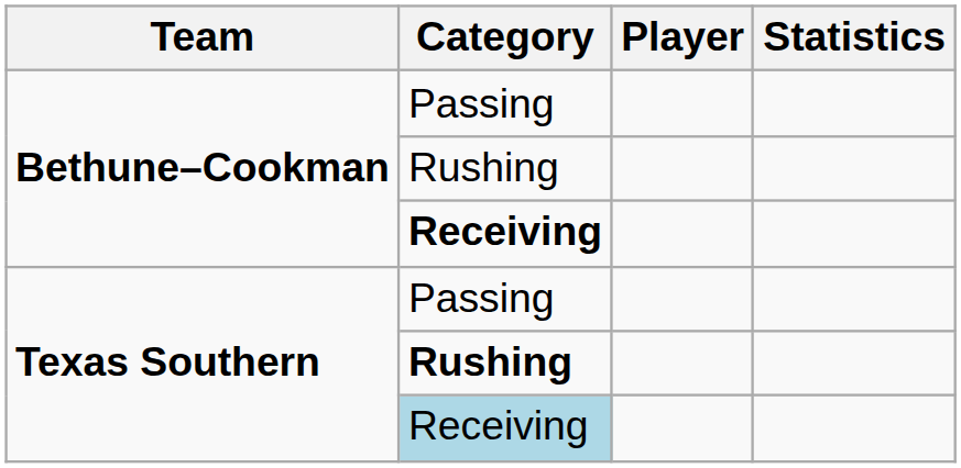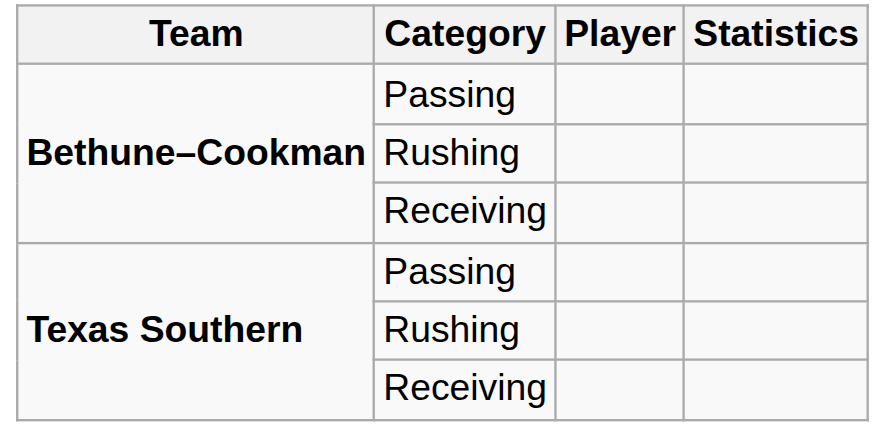 <table class="wikitable" style="float: right;">
 <tr>
 <th>Team</th>
 <th>Category</th>
 <th>Player</th>
 <th>Statistics</th>
 </tr>
 <tr>
 <td rowspan=3><strong>Bethune–Cookman</strong></td>
 <td>Passing</td>
 <td></td>
 <td></td>
 </tr>
 <tr>
 <td>Rushing</td>
 <td></td>
 <td></td>
 </tr>
 <tr>
-<td><strong>Receiving</strong></td>
+<td>Receiving</td>
 <td></td>
 <td></td>
 </tr>
 <tr>
 <td rowspan=3><strong>Texas Southern</strong></td>
 <td>Passing</td>
 <td></td>
 <td></td>
 </tr>
 <tr>
-<td><strong>Rushing</strong></td>
+<td>Rushing</td>
 <td></td>
 <td></td>
 </tr>
 <tr>
-<td style="background: lightblue;">Receiving</td>
+<td>Receiving</td>
 <td></td>
 <td></td>
 </tr>
 </table>
